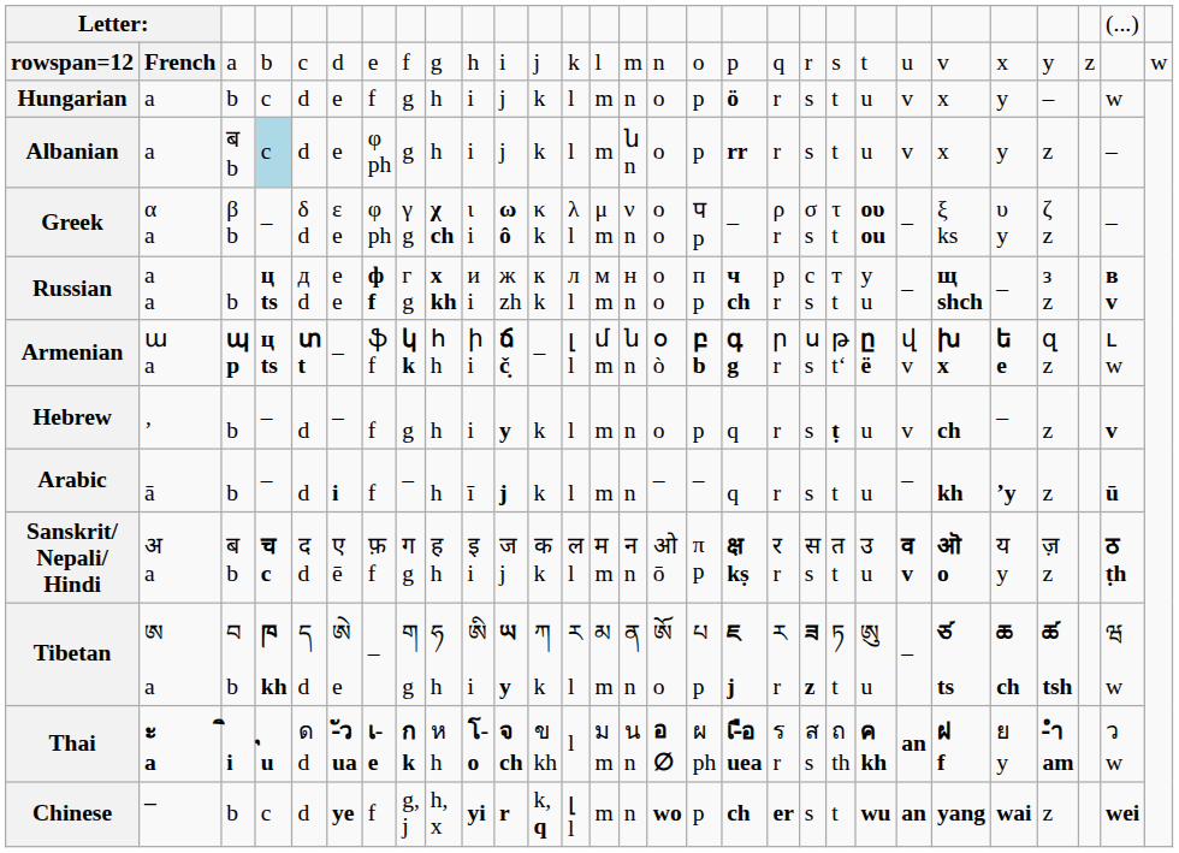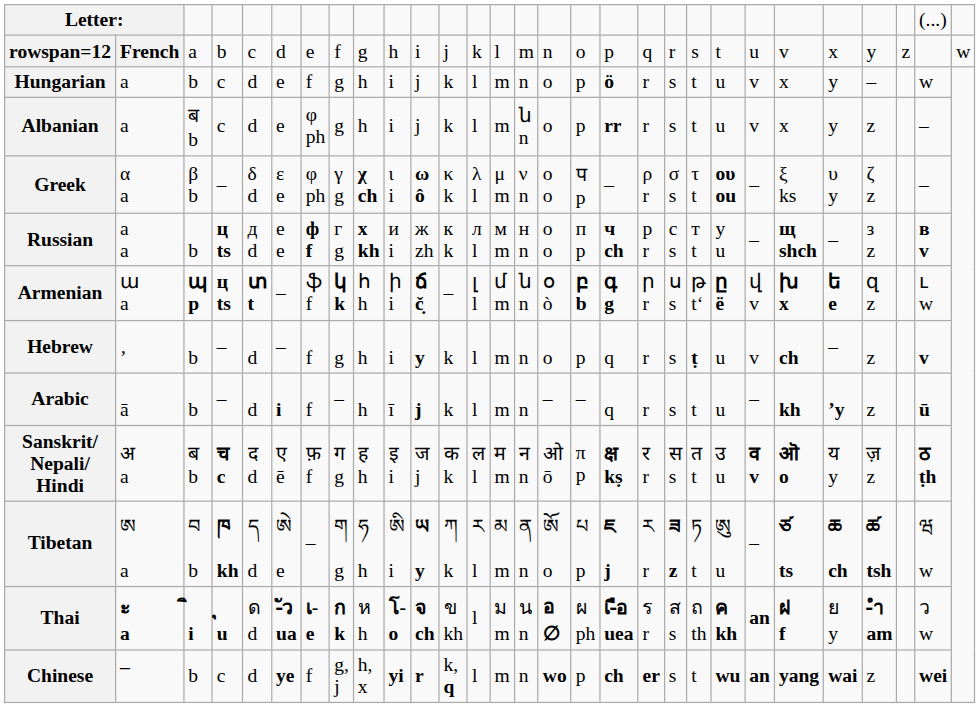 <table class=wikitable>
 <tr>
 <th colspan=2>Letter:</th>
 <td width=34px></td>
 <td width=34px></td>
 <td width=34px></td>
 <td width=34px></td>
 <td width=34px></td>
 <td width=34px></td>
 <td width=34px></td>
 <td width=34px></td>
 <td width=34px></td>
 <td width=34px></td>
 <td width=34px></td>
 <td width=34px></td>
 <td width=34px></td>
 <td width=34px></td>
 <td width=34px></td>
 <td width=34px></td>
 <td width=34px></td>
 <td width=34px></td>
 <td width=34px></td>
 <td width=34px></td>
 <td width=34px></td>
 <td width=34px></td>
 <td width=34px></td>
 <td width=34px></td>
 <td width=34px></td>
 <td width=34px>(...)</td>
 <td width=34px></td>
 </tr>
 <tr>
 <th>rowspan=12 </th>
 <th>French</th>
 <td>a</td>
 <td>b</td>
 <td>c</td>
 <td>d</td>
 <td>e</td>
 <td>f</td>
 <td>g</td>
 <td>h</td>
 <td>i</td>
 <td>j</td>
 <td>k</td>
 <td>l</td>
 <td>m</td>
 <td>n</td>
 <td>o</td>
 <td>p</td>
 <td>q</td>
 <td>r</td>
 <td>s</td>
 <td>t</td>
 <td>u</td>
 <td>v</td>
 <td>x</td>
 <td>y</td>
 <td>z</td>
 <td></td>
 <td>w</td>
 </tr>
 <tr>
 <th>Hungarian</th>
 <td>a</td>
 <td>b</td>
 <td>c</td>
 <td>d</td>
 <td>e</td>
 <td>f</td>
 <td>g</td>
 <td>h</td>
 <td>i</td>
 <td>j</td>
 <td>k</td>
 <td>l</td>
 <td>m</td>
 <td>n</td>
 <td>o</td>
 <td>p</td>
 <td><strong>ö</strong></td>
 <td>r</td>
 <td>s</td>
 <td>t</td>
 <td>u</td>
 <td>v</td>
 <td>x</td>
 <td>y</td>
 <td>–</td>
 <td></td>
 <td>w</td>
 </tr>
 <tr>
 <th>Albanian</th>
 <td>a</td>
 <td>ब<br>b</td>
-<td style="background: lightblue;">c</td>
+<td>c</td>
 <td>d</td>
 <td>e</td>
 <td>φ<br>ph</td>
 <td>g</td>
 <td>h</td>
 <td>i</td>
 <td>j</td>
 <td>k</td>
 <td>l</td>
 <td>m</td>
 <td>ն<br>n</td>
 <td>o</td>
 <td>p</td>
 <td><strong>rr</strong></td>
 <td>r</td>
 <td>s</td>
 <td>t</td>
 <td>u</td>
 <td>v</td>
 <td>x</td>
 <td>y</td>
 <td>z</td>
 <td></td>
 <td>–</td>
 </tr>
 <tr>
 <th>Greek</th>
 <td>α<br>a</td>
 <td>β<br>b</td>
 <td>–</td>
 <td>δ<br>d</td>
 <td>ε<br>e</td>
 <td>φ<br>ph</td>
 <td>γ<br>g</td>
 <td><strong>χ<br>ch</strong></td>
 <td>ι<br>i</td>
 <td><strong>ω<br>ô</strong></td>
 <td>κ<br>k</td>
 <td>λ<br>l</td>
 <td>μ<br>m</td>
 <td>ν<br>n</td>
 <td>ο<br>o</td>
 <td>प<br>p</td>
 <td>–</td>
 <td>ρ<br>r</td>
 <td>σ<br>s</td>
 <td>τ<br>t</td>
 <td><strong>ου<br>ou</strong></td>
 <td>–</td>
 <td>ξ<br>ks</td>
 <td>υ<br>y</td>
 <td>ζ<br>z</td>
 <td></td>
 <td>–</td>
 </tr>
 <tr>
 <th>Russian</th>
 <td>а<br>a</td>
 <td><br>b</td>
 <td><strong>ц<br>ts</strong></td>
 <td>д<br>d</td>
 <td>е<br>e</td>
 <td><strong>ф<br>f</strong></td>
 <td>г<br>g</td>
 <td><strong>х<br>kh</strong></td>
 <td>и<br>i</td>
 <td>ж<br>zh</td>
 <td>к<br>k</td>
 <td>л<br>l</td>
 <td>м<br>m</td>
 <td>н<br>n</td>
 <td>о<br>o</td>
 <td>п<br>p</td>
 <td><strong>ч<br>ch</strong></td>
 <td>р<br>r</td>
 <td>с<br>s</td>
 <td>т<br>t</td>
 <td>у<br>u</td>
 <td>–</td>
 <td><strong>щ<br>shch</strong></td>
 <td>–</td>
 <td>з<br>z</td>
 <td></td>
 <td><strong>в<br>v</strong></td>
 </tr>
 <tr>
 <th>Armenian</th>
 <td>ա<br>a</td>
 <td><strong>պ<br>p</strong></td>
 <td><strong>ц<br>ts</strong></td>
 <td><strong>տ<br>t</strong></td>
 <td>–</td>
 <td>ֆ<br>f</td>
 <td><strong>կ<br>k</strong></td>
 <td>հ<br>h</td>
 <td>ի<br>i</td>
 <td><strong>ճ<br>č̣</strong></td>
 <td>–</td>
 <td>լ<br>l</td>
 <td>մ<br>m</td>
 <td>ն<br>n</td>
 <td>օ<br>ò</td>
 <td><strong>բ<br>b</strong></td>
 <td><strong>գ<br>g</strong></td>
 <td>ր<br>r</td>
 <td>ս<br>s</td>
 <td>թ<br>tʻ</td>
 <td><strong>ը<br>ë</strong></td>
 <td>վ<br>v</td>
 <td><strong>խ<br>x</strong></td>
 <td><strong>ե<br>e</strong></td>
 <td>զ<br>z</td>
 <td></td>
 <td>ւ<br>w</td>
 </tr>
 <tr>
 <th>Hebrew</th>
 <td><br>ʼ</td>
 <td><br>b</td>
 <td>–</td>
 <td><br>d</td>
 <td>–</td>
 <td><br>f</td>
 <td><br>g</td>
 <td><br>h</td>
 <td><br>i</td>
 <td><strong><br>y</strong></td>
 <td><br>k</td>
 <td><br>l</td>
 <td><br>m</td>
 <td><br>n</td>
 <td><br>o</td>
 <td><br>p</td>
 <td><br>q</td>
 <td><br>r</td>
 <td><br>s</td>
 <td><strong><br>ṭ</strong></td>
 <td><br>u</td>
 <td><br>v</td>
 <td><strong><br>ch</strong></td>
 <td>–</td>
 <td><br>z</td>
 <td></td>
 <td><strong><br>v</strong></td>
 </tr>
 <tr>
 <th>Arabic</th>
 <td><br>ā</td>
 <td><br>b</td>
 <td>–</td>
 <td><br>d</td>
 <td><strong><br>i</strong></td>
 <td><br>f</td>
 <td>–</td>
 <td><br>h</td>
 <td><br>ī</td>
 <td><strong><br>j</strong></td>
 <td><br>k</td>
 <td><br>l</td>
 <td><br>m</td>
 <td><br>n</td>
 <td>–</td>
 <td>–</td>
 <td><br>q</td>
 <td><br>r</td>
 <td><br>s</td>
 <td><br>t</td>
 <td><br>u</td>
 <td>–</td>
 <td><strong><br>kh</strong></td>
 <td><strong><br>’y</strong></td>
 <td><br>z</td>
 <td></td>
 <td><strong><br>ū</strong></td>
 </tr>
 <tr>
 <th>Sanskrit/ Nepali/ Hindi</th>
 <td>अ<br>a</td>
 <td>ब<br>b</td>
 <td><strong>च<br>c</strong></td>
 <td>द<br>d</td>
 <td>ए<br>ē</td>
 <td>फ़<br>f</td>
 <td>ग<br>g</td>
 <td>ह<br>h</td>
 <td>इ<br>i</td>
 <td>ज<br>j</td>
 <td>क<br>k</td>
 <td>ल<br>l</td>
 <td>म<br>m</td>
 <td>न<br>n</td>
 <td>ओ<br>ō</td>
 <td>π<br>p</td>
 <td><strong>क्ष<br>kṣ</strong></td>
 <td>र<br>r</td>
 <td>स<br>s</td>
 <td>त<br>t</td>
 <td>उ<br>u</td>
 <td><strong>व<br>v</strong></td>
 <td><strong>ऒ<br>o</strong></td>
 <td>य<br>y</td>
 <td>ज़<br>z</td>
 <td></td>
 <td><strong>ठ<br>ṭh</strong></td>
 </tr>
 <tr>
 <th>Tibetan</th>
 <td>ཨ<br>a</td>
 <td>བ<br>b</td>
 <td><strong>ཁ<br>kh</strong></td>
 <td>ད<br>d</td>
 <td>ཨེ<br>e</td>
 <td>–</td>
 <td>ག<br>g</td>
 <td>ཧ<br>h</td>
 <td>ཨི<br>i</td>
 <td><strong>ཡ<br>y</strong></td>
 <td>ཀ<br>k</td>
 <td>ར<br>l</td>
 <td>མ<br>m</td>
 <td>ན<br>n</td>
 <td>ཨོ<br>o</td>
 <td>པ<br>p</td>
 <td><strong>ཇ<br>j</strong></td>
 <td>ར<br>r</td>
 <td><strong>ཟ<br>z</strong></td>
 <td>ཏ<br>t</td>
 <td>ཨུ<br>u</td>
 <td>–</td>
 <td><strong>ཙ<br>ts</strong></td>
 <td><strong>ཆ<br>ch</strong></td>
 <td><strong>ཚ<br>tsh</strong></td>
 <td></td>
 <td>ཝ<br>w</td>
 </tr>
 <tr>
 <th>Thai</th>
 <td><strong>ะ<br>a</strong></td>
 <td><strong> ิ<br>i</strong></td>
 <td><strong> ุ<br>u</strong></td>
 <td>ด<br>d</td>
 <td><strong>-ัว<br>ua</strong></td>
 <td><strong>เ-<br>e</strong></td>
 <td><strong>ก<br>k</strong></td>
 <td>ห<br>h</td>
 <td><strong>โ-<br>o</strong></td>
 <td><strong>จ<br>ch</strong></td>
 <td>ข <br>kh</td>
 <td>l</td>
 <td>ม<br>m</td>
 <td>น<br>n</td>
 <td><strong>อ<br>∅</strong></td>
 <td>ผ<br>ph</td>
 <td><strong>เ-ือ<br>uea</strong></td>
 <td>ร<br>r</td>
 <td>ส<br>s</td>
 <td>ถ<br>th</td>
 <td><strong>ค<br>kh</strong></td>
 <td><strong>an</strong></td>
 <td><strong>ฝ<br>f</strong></td>
 <td>ย<br>y</td>
 <td><strong>-ำ<br>am</strong></td>
 <td></td>
 <td>ว<br>w</td>
 </tr>
 <tr>
 <th>Chinese</th>
 <td><strong>¯</strong></td>
 <td>b</td>
 <td>c</td>
 <td>d</td>
 <td><strong>ye</strong></td>
 <td>f</td>
 <td>g, j</td>
 <td>h, x</td>
 <td><strong>yi</strong></td>
 <td><strong>r</strong></td>
 <td>k, <strong>q</strong></td>
-<td>լ<br>l</td>
+<td>l</td>
 <td>m</td>
 <td>n</td>
 <td><strong>wo</strong></td>
 <td>p</td>
 <td><strong>ch</strong></td>
 <td><strong>er</strong></td>
 <td>s</td>
 <td>t</td>
 <td><strong>wu</strong></td>
 <td><strong>an</strong></td>
 <td><strong>yang</strong></td>
 <td><strong>wai</strong></td>
 <td>z</td>
 <td></td>
 <td><strong>wei</strong></td>
 </tr>
 </table>
